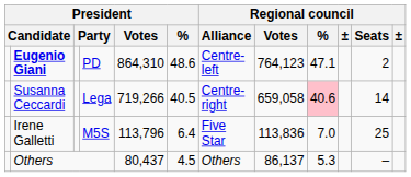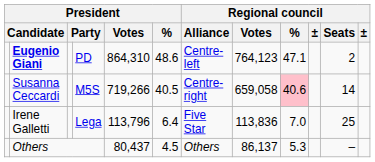 <table class="wikitable" style="text-align:right; style="width=70%">
 <tr>
 <th colspan="6">President</th>
 <th colspan="6">Regional council</th>
 </tr>
 <tr>
 <th colspan="2">Candidate</th>
 <th colspan="2">Party</th>
 <th>Votes</th>
 <th>%</th>
 <th>Alliance</th>
 <th>Votes</th>
 <th>%</th>
 <th>±</th>
 <th>Seats</th>
 <th>±</th>
 </tr>
 <tr>
 <td></td>
 <td style="text-align:left"><strong><a href='#'>Eugenio Giani</a></strong></td>
 <td></td>
 <td style="text-align:left"><a href='#'>PD</a></td>
 <td>864,310</td>
 <td>48.6</td>
 <td style="text-align:left"><a href='#'>Centre-left</a></td>
 <td>764,123</td>
 <td>47.1</td>
 <td></td>
 <td>2</td>
 <td></td>
 </tr>
 <tr>
 <td></td>
 <td style="text-align:left"><a href='#'>Susanna Ceccardi</a></td>
 <td></td>
-<td style="text-align:left"><a href='#'>Lega</a></td>
+<td style="text-align:left"><a href='#'>M5S</a></td>
 <td>719,266</td>
 <td>40.5</td>
 <td style="text-align:left"><a href='#'>Centre-right</a></td>
 <td>659,058</td>
 <td style="background: pink;">40.6</td>
 <td></td>
 <td>14</td>
 <td></td>
 </tr>
 <tr>
 <td></td>
 <td style="text-align:left">Irene Galletti</td>
 <td></td>
-<td style="text-align:left"><a href='#'>M5S</a></td>
+<td style="text-align:left"><a href='#'>Lega</a></td>
 <td>113,796</td>
 <td>6.4</td>
 <td style="text-align:left"><a href='#'>Five Star</a></td>
 <td>113,836</td>
 <td>7.0</td>
 <td></td>
 <td>25</td>
 <td></td>
 </tr>
 <tr>
 <td></td>
 <td colspan="3" style="text-align:left"><em>Others</em></td>
 <td>80,437</td>
 <td>4.5</td>
 <td style="text-align:left"><em>Others</em></td>
 <td>86,137</td>
 <td>5.3</td>
 <td></td>
 <td>–</td>
 <td></td>
 </tr>
 </table>
